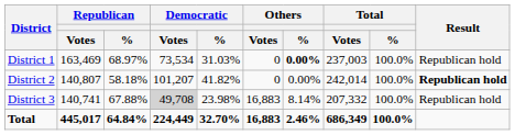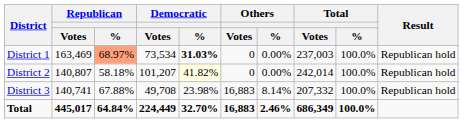 <table class="wikitable plainrowheaders sortable" style="font-size:100%; text-align:right;">
 <tr>
 <th scope=col rowspan=3><a href='#'>District</a></th>
 <th scope=col colspan=2><a href='#'>Republican</a></th>
 <th scope=col colspan=2><a href='#'>Democratic</a></th>
 <th scope=col colspan=2>Others</th>
 <th scope=col colspan=2>Total</th>
 <th scope=col rowspan=3>Result</th>
 </tr>
 <tr>
 <th scope=col colspan=2 style="background:"></th>
 <th scope=col colspan=2 style="background:"></th>
 <th scope=col colspan=2></th>
 <th scope=col colspan=2></th>
 </tr>
 <tr>
 <th scope=col data-sort-type="number">Votes</th>
 <th scope=col data-sort-type="number">%</th>
 <th scope=col data-sort-type="number">Votes</th>
 <th scope=col data-sort-type="number">%</th>
 <th scope=col data-sort-type="number">Votes</th>
 <th scope=col data-sort-type="number">%</th>
 <th scope=col data-sort-type="number">Votes</th>
 <th scope=col data-sort-type="number">%</th>
 </tr>
 <tr>
 <td align=left><a href='#'>District 1</a></td>
 <td>163,469</td>
-<td>68.97%</td>
+<td style="background: lightsalmon;">68.97%</td>
 <td>73,534</td>
-<td>31.03%</td>
+<td><strong>31.03%</strong></td>
 <td>0</td>
-<td><strong>0.00%</strong></td>
+<td>0.00%</td>
 <td>237,003</td>
 <td>100.0%</td>
 <td align=left>Republican hold</td>
 </tr>
 <tr>
 <td align=left><a href='#'>District 2</a></td>
 <td>140,807</td>
 <td>58.18%</td>
 <td>101,207</td>
-<td>41.82%</td>
+<td style="background: lightyellow;">41.82%</td>
 <td>0</td>
 <td>0.00%</td>
 <td>242,014</td>
 <td>100.0%</td>
-<td align=left><strong>Republican hold</strong></td>
+<td align=left>Republican hold</td>
 </tr>
 <tr>
 <td align=left><a href='#'>District 3</a></td>
 <td>140,741</td>
 <td>67.88%</td>
-<td style="background: lightgrey;">49,708</td>
+<td>49,708</td>
 <td>23.98%</td>
 <td>16,883</td>
 <td>8.14%</td>
 <td>207,332</td>
 <td>100.0%</td>
 <td align=left>Republican hold</td>
 </tr>
 <tr class="sortbottom" style="font-weight:bold">
 <td align=left>Total</td>
 <td>445,017</td>
 <td>64.84%</td>
 <td>224,449</td>
 <td>32.70%</td>
 <td>16,883</td>
 <td>2.46%</td>
 <td>686,349</td>
 <td>100.0%</td>
 <td></td>
 </tr>
 </table>
